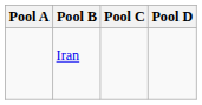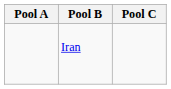 <table class="wikitable">
 <tr>
 <th width=25%>Pool A</th>
 <th width=25%>Pool B</th>
 <th width=25%>Pool C</th>
-<th width=25%>Pool D</th>
 </tr>
 <tr>
 <td><br><br> <br> <br> </td>
 <td><br> <a href='#'>Iran</a><br> <br> <br> </td>
 <td><br><br> <br> <br> </td>
-<td><br><br> <br> <br> </td>
 </tr>
 </table>
